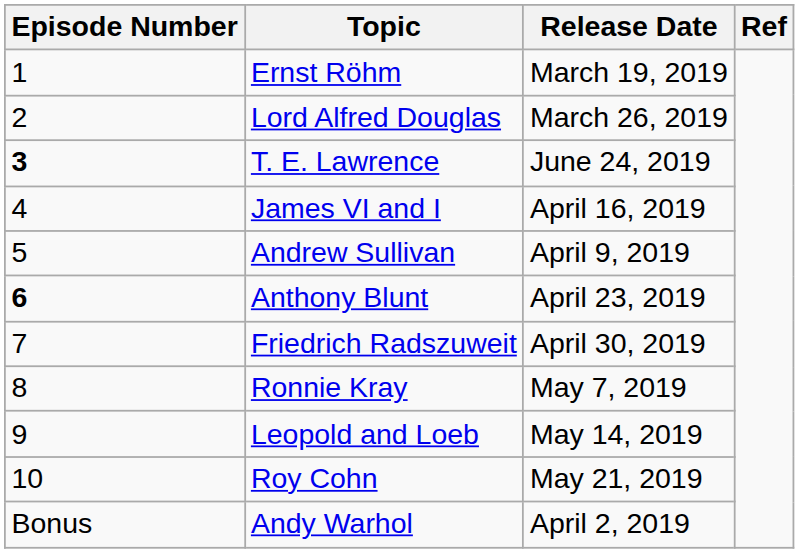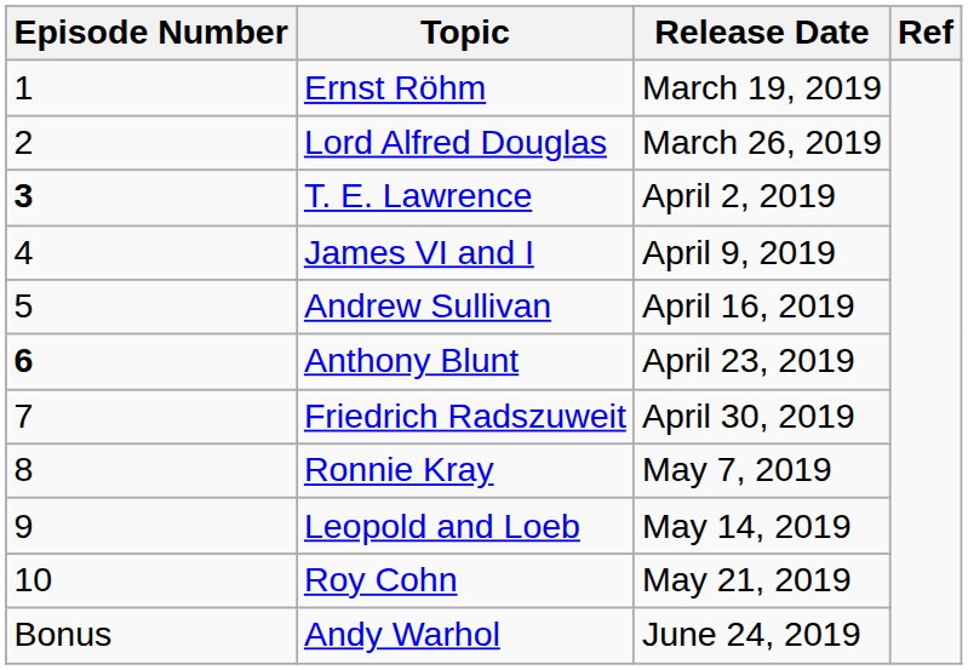 <table class="wikitable">
 <tr>
 <th>Episode Number</th>
 <th>Topic</th>
 <th>Release Date</th>
 <th>Ref</th>
 </tr>
 <tr>
 <td>1</td>
 <td><a href='#'>Ernst Röhm</a></td>
 <td>March 19, 2019</td>
 <td rowspan="11"></td>
 </tr>
 <tr>
 <td>2</td>
 <td><a href='#'>Lord Alfred Douglas</a></td>
 <td>March 26, 2019</td>
 </tr>
 <tr>
 <td><strong>3</strong></td>
 <td><a href='#'>T. E. Lawrence</a></td>
-<td>June 24, 2019</td>
+<td>April 2, 2019</td>
 </tr>
 <tr>
 <td>4</td>
 <td><a href='#'>James VI and I</a></td>
-<td>April 16, 2019</td>
+<td>April 9, 2019</td>
 </tr>
 <tr>
 <td>5</td>
 <td><a href='#'>Andrew Sullivan</a></td>
-<td>April 9, 2019</td>
+<td>April 16, 2019</td>
 </tr>
 <tr>
 <td><strong>6</strong></td>
 <td><a href='#'>Anthony Blunt</a></td>
 <td>April 23, 2019</td>
 </tr>
 <tr>
 <td>7</td>
 <td><a href='#'>Friedrich Radszuweit</a></td>
 <td>April 30, 2019</td>
 </tr>
 <tr>
 <td>8</td>
 <td><a href='#'>Ronnie Kray</a></td>
 <td>May 7, 2019</td>
 </tr>
 <tr>
 <td>9</td>
 <td><a href='#'>Leopold and Loeb</a></td>
 <td>May 14, 2019</td>
 </tr>
 <tr>
 <td>10</td>
 <td><a href='#'>Roy Cohn</a></td>
 <td>May 21, 2019</td>
 </tr>
 <tr>
 <td>Bonus</td>
 <td><a href='#'>Andy Warhol</a></td>
-<td>April 2, 2019</td>
+<td>June 24, 2019</td>
 </tr>
 </table>
